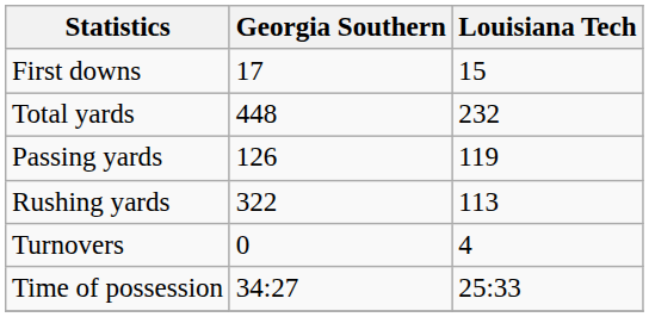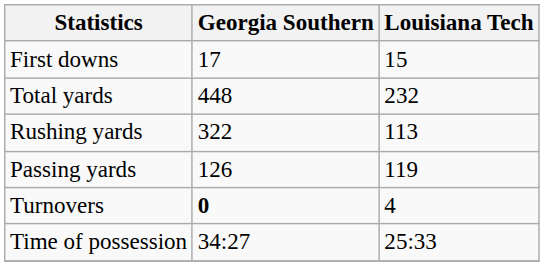 <table class="wikitable">
 <tr>
 <th>Statistics</th>
 <th>Georgia Southern</th>
 <th>Louisiana Tech</th>
 </tr>
 <tr>
 <td>First downs</td>
 <td>17</td>
 <td>15</td>
 </tr>
 <tr>
 <td>Total yards</td>
 <td>448</td>
 <td>232</td>
 </tr>
 <tr>
+<td>Rushing yards</td>
+<td>322</td>
+<td>113</td>
+</tr>
+<tr>
 <td>Passing yards</td>
 <td>126</td>
 <td>119</td>
 </tr>
 <tr>
-<td>Rushing yards</td>
-<td>322</td>
-<td>113</td>
-</tr>
-<tr>
 <td>Turnovers</td>
-<td>0</td>
+<td><strong>0</strong></td>
 <td>4</td>
 </tr>
 <tr>
 <td>Time of possession</td>
 <td>34:27</td>
 <td>25:33</td>
 </tr>
 <tr>
 </tr>
 </table>
